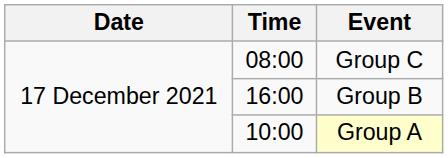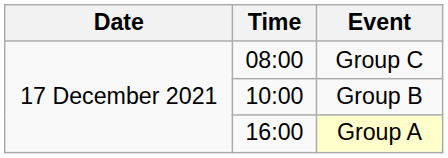 <table class = "wikitable" style="text-align:center;">
 <tr>
 <th width=150>Date</th>
 <th width=50>Time</th>
 <th width=80>Event</th>
 </tr>
 <tr>
 <td rowspan=3>17 December 2021</td>
 <td>08:00</td>
 <td>Group C</td>
 </tr>
 <tr>
-<td>16:00</td>
+<td>10:00</td>
 <td>Group B</td>
 </tr>
 <tr>
-<td>10:00</td>
+<td>16:00</td>
 <td bgcolor=ffffcc>Group A</td>
 </tr>
 </table>
